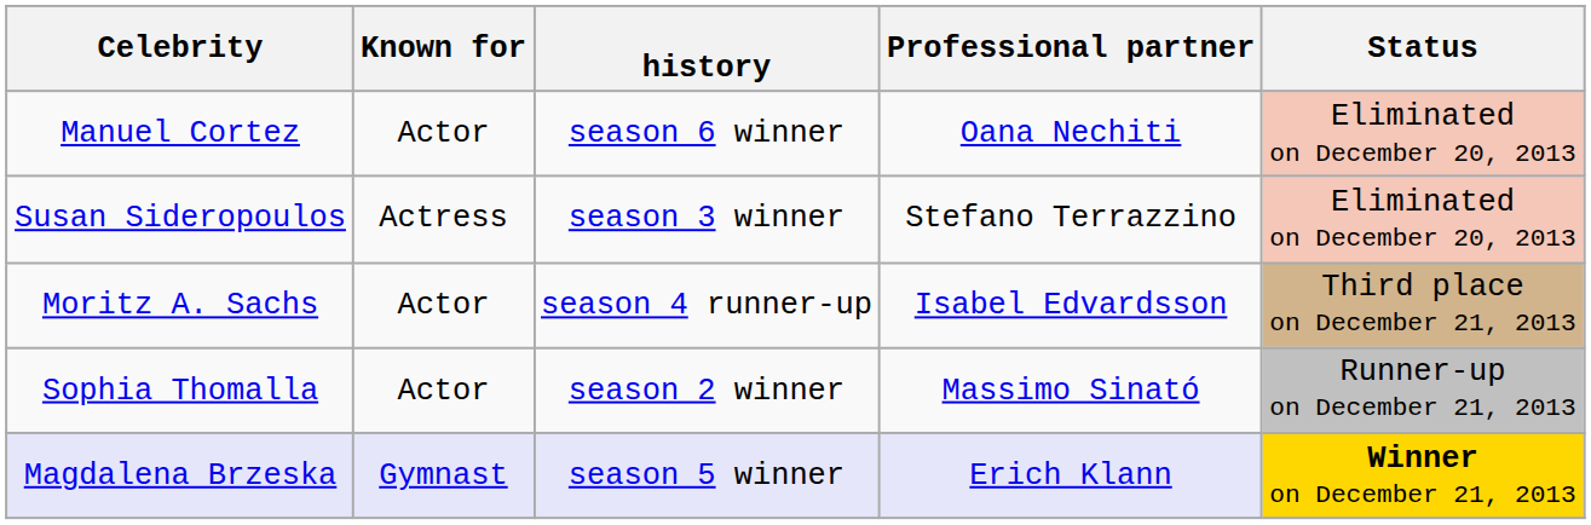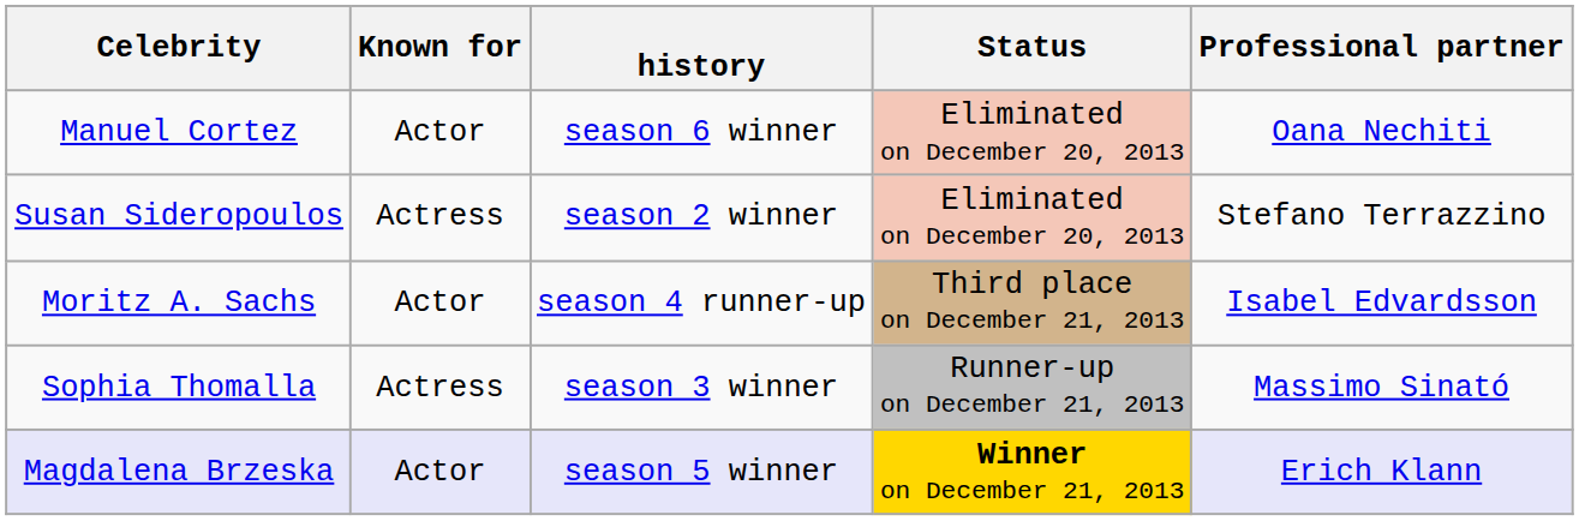 <table class= "wikitable sortable" style="text-align: center; margin:auto; align: center">
 <tr>
 <th>Celebrity</th>
 <th>Known for</th>
 <th><br>history</th>
+<th>Status</th>
 <th>Professional partner</th>
-<th>Status</th>
 </tr>
 <tr>
 <td><a href='#'>Manuel Cortez</a></td>
 <td>Actor</td>
 <td><a href='#'>season 6</a> winner</td>
+<td bgcolor="#F4C7B8">Eliminated<br><small>on December 20, 2013</small></td>
 <td><a href='#'>Oana Nechiti</a></td>
-<td bgcolor="#F4C7B8">Eliminated<br><small>on December 20, 2013</small></td>
 </tr>
 <tr>
 <td><a href='#'>Susan Sideropoulos</a></td>
 <td>Actress</td>
-<td><a href='#'>season 3</a> winner</td>
+<td><a href='#'>season 2</a> winner</td>
+<td bgcolor="#F4C7B8">Eliminated<br><small>on December 20, 2013</small></td>
 <td>Stefano Terrazzino</td>
-<td bgcolor="#F4C7B8">Eliminated<br><small>on December 20, 2013</small></td>
 </tr>
 <tr>
 <td><a href='#'>Moritz A. Sachs</a></td>
 <td>Actor</td>
 <td><a href='#'>season 4</a> runner-up</td>
+<td bgcolor="tan">Third place<br><small>on December 21, 2013</small></td>
 <td><a href='#'>Isabel Edvardsson</a></td>
-<td bgcolor="tan">Third place<br><small>on December 21, 2013</small></td>
 </tr>
 <tr>
 <td><a href='#'>Sophia Thomalla</a></td>
-<td>Actor</td>
-<td><a href='#'>season 2</a> winner</td>
+<td>Actress</td>
+<td><a href='#'>season 3</a> winner</td>
+<td bgcolor="silver">Runner-up<br><small>on December 21, 2013</small></td>
 <td><a href='#'>Massimo Sinató</a></td>
-<td bgcolor="silver">Runner-up<br><small>on December 21, 2013</small></td>
 </tr>
 <tr bgcolor="lavender">
 <td><a href='#'>Magdalena Brzeska</a></td>
-<td><a href='#'>Gymnast</a></td>
+<td>Actor</td>
 <td><a href='#'>season 5</a> winner</td>
+<td bgcolor="gold"><strong>Winner</strong><br><small>on December 21, 2013</small></td>
 <td><a href='#'>Erich Klann</a></td>
-<td bgcolor="gold"><strong>Winner</strong><br><small>on December 21, 2013</small></td>
 </tr>
 </table>
